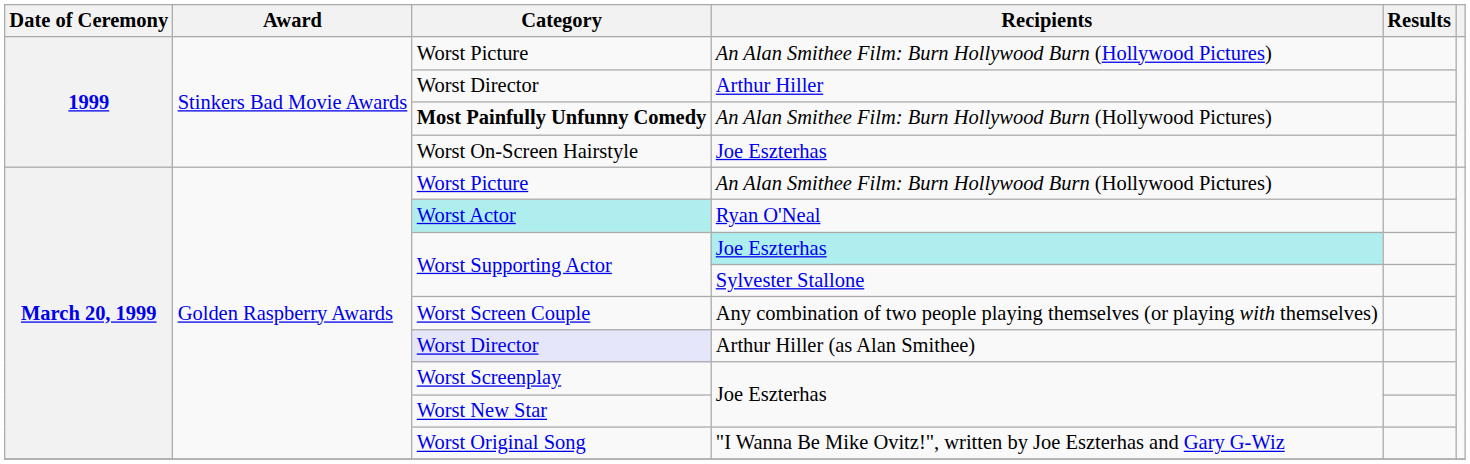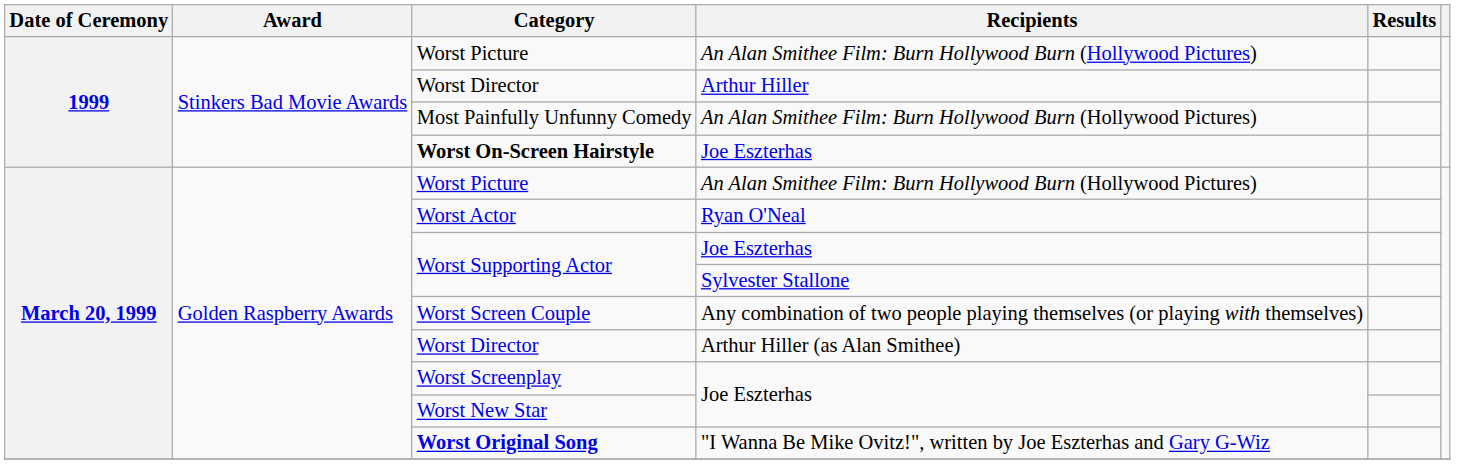 <table class="wikitable plainrowheaders">
 <tr>
 <th scope="col">Date of Ceremony</th>
 <th scope="col">Award</th>
 <th scope="col">Category</th>
 <th scope="col">Recipients</th>
 <th scope="col">Results</th>
 <th scope="col"></th>
 </tr>
 <tr>
 <th scope="row" rowspan="4" style="text-align:center;"><a href='#'>1999</a></th>
 <td rowspan="4"><a href='#'>Stinkers Bad Movie Awards</a></td>
 <td>Worst Picture</td>
 <td><em>An Alan Smithee Film: Burn Hollywood Burn</em> (<a href='#'>Hollywood Pictures</a>)</td>
 <td></td>
 <td rowspan="4"></td>
 </tr>
 <tr>
 <td>Worst Director</td>
 <td><a href='#'>Arthur Hiller</a></td>
 <td></td>
 </tr>
 <tr>
-<td><strong>Most Painfully Unfunny Comedy</strong></td>
+<td>Most Painfully Unfunny Comedy</td>
 <td><em>An Alan Smithee Film: Burn Hollywood Burn</em> (Hollywood Pictures)</td>
 <td></td>
 </tr>
 <tr>
-<td>Worst On-Screen Hairstyle</td>
+<td><strong>Worst On-Screen Hairstyle</strong></td>
 <td><a href='#'>Joe Eszterhas</a></td>
 <td></td>
 </tr>
 <tr>
 <th scope="row" rowspan="9" style="text-align:center;"><a href='#'>March 20, 1999</a></th>
 <td rowspan="9"><a href='#'>Golden Raspberry Awards</a></td>
 <td><a href='#'>Worst Picture</a></td>
 <td><em>An Alan Smithee Film: Burn Hollywood Burn</em> (Hollywood Pictures)</td>
 <td></td>
 <td rowspan="9"></td>
 </tr>
 <tr>
-<td style="background: paleturquoise;"><a href='#'>Worst Actor</a></td>
+<td><a href='#'>Worst Actor</a></td>
 <td><a href='#'>Ryan O'Neal</a></td>
 <td></td>
 </tr>
 <tr>
 <td rowspan="2"><a href='#'>Worst Supporting Actor</a></td>
-<td style="background: paleturquoise;"><a href='#'>Joe Eszterhas</a></td>
+<td><a href='#'>Joe Eszterhas</a></td>
 <td></td>
 </tr>
 <tr>
 <td><a href='#'>Sylvester Stallone</a></td>
 <td></td>
 </tr>
 <tr>
 <td><a href='#'>Worst Screen Couple</a></td>
 <td>Any combination of two people playing themselves (or playing <em>with</em> themselves)</td>
 <td></td>
 </tr>
 <tr>
-<td style="background: lavender;"><a href='#'>Worst Director</a></td>
+<td><a href='#'>Worst Director</a></td>
 <td>Arthur Hiller (as Alan Smithee)</td>
 <td></td>
 </tr>
 <tr>
 <td><a href='#'>Worst Screenplay</a></td>
 <td rowspan="2">Joe Eszterhas</td>
 <td></td>
 </tr>
 <tr>
 <td><a href='#'>Worst New Star</a></td>
 <td></td>
 </tr>
 <tr>
-<td><a href='#'>Worst Original Song</a></td>
+<td><strong><a href='#'>Worst Original Song</a></strong></td>
 <td>"I Wanna Be Mike Ovitz!", written by Joe Eszterhas and <a href='#'>Gary G-Wiz</a></td>
 <td></td>
 </tr>
 <tr>
 </tr>
 </table>
